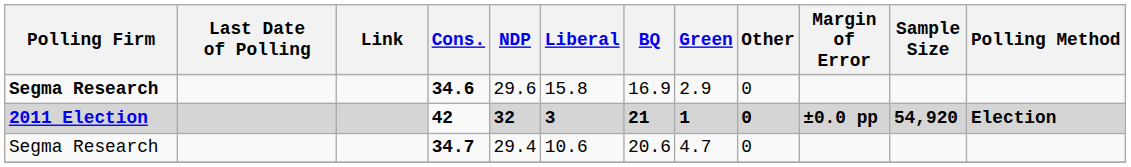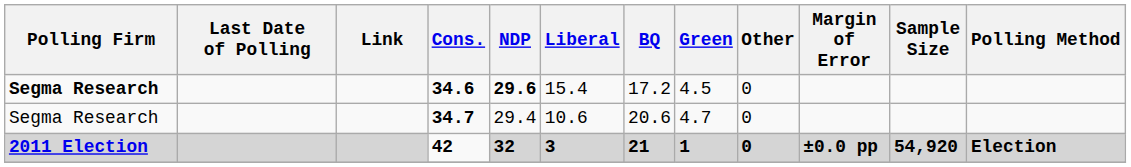 <table class="wikitable sortable">
 <tr style="background:#e9e9e9;">
 <th style="width:120px">Polling Firm</th>
 <th style="width:110px">Last Date<br>of Polling</th>
 <th style="width:60px" class="unsortable">Link</th>
 <th style="background-color:"><strong><a href='#'>Cons.</a></strong></th>
 <th style="background-color:"><strong><a href='#'>NDP</a></strong></th>
 <th style="background-color:"><strong><a href='#'>Liberal</a></strong></th>
 <th style="background-color:"><strong><a href='#'>BQ</a></strong></th>
 <th style="background-color:"><strong><a href='#'>Green</a></strong></th>
 <th style="background-color:"><strong>Other</strong></th>
 <th style="width:60px;" class=unsortable>Margin<br>of Error</th>
 <th style="width:50px;" class=unsortable>Sample<br>Size</th>
 <th class=unsortable>Polling Method</th>
 </tr>
 <tr>
 <td><strong>Segma Research</strong></td>
 <td></td>
 <td></td>
 <td><strong>34.6</strong></td>
-<td>29.6</td>
-<td>15.8</td>
-<td>16.9</td>
-<td>2.9</td>
+<td><strong>29.6</strong></td>
+<td>15.4</td>
+<td>17.2</td>
+<td>4.5</td>
+<td>0</td>
+<td></td>
+<td></td>
+<td></td>
+</tr>
+<tr>
+<td>Segma Research</td>
+<td></td>
+<td> </td>
+<td><strong>34.7</strong></td>
+<td>29.4</td>
+<td>10.6</td>
+<td>20.6</td>
+<td>4.7</td>
 <td>0</td>
 <td></td>
 <td></td>
 <td></td>
 </tr>
 <tr>
 <td style="background:#D5D5D5"><strong><a href='#'>2011 Election</a></strong></td>
 <td style="background:#D5D5D5"><strong></strong></td>
 <td style="background:#D5D5D5"></td>
 <td><strong>42</strong></td>
 <td style="background:#D5D5D5"><strong>32</strong></td>
 <td style="background:#D5D5D5"><strong>3</strong></td>
 <td style="background:#D5D5D5"><strong>21</strong></td>
 <td style="background:#D5D5D5"><strong>1</strong></td>
 <td style="background:#D5D5D5"><strong>0</strong></td>
 <td style="background:#D5D5D5"><strong>±0.0 pp</strong></td>
 <td style="background:#D5D5D5"><strong>54,920</strong></td>
 <td style="background:#D5D5D5"><strong>Election</strong></td>
 </tr>
 <tr>
-<td>Segma Research</td>
-<td></td>
-<td> </td>
-<td><strong>34.7</strong></td>
-<td>29.4</td>
-<td>10.6</td>
-<td>20.6</td>
-<td>4.7</td>
-<td>0</td>
-<td></td>
-<td></td>
-<td></td>
-</tr>
-<tr>
 </tr>
 <tr>
 </tr>
 </table>
